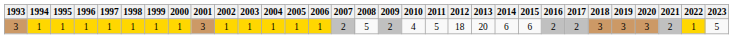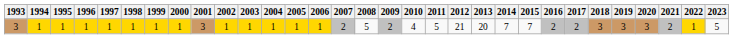 <table class="wikitable" style="margin:0.5em ; font-size:70%">
 <tr>
 <th>1993</th>
 <th>1994</th>
 <th>1995</th>
 <th>1996</th>
 <th>1997</th>
 <th>1998</th>
 <th>1999</th>
 <th>2000</th>
 <th>2001</th>
 <th>2002</th>
 <th>2003</th>
 <th>2004</th>
 <th>2005</th>
 <th>2006</th>
 <th>2007</th>
 <th>2008</th>
 <th>2009</th>
 <th>2010</th>
 <th>2011</th>
 <th>2012</th>
 <th>2013</th>
 <th>2014</th>
 <th>2015</th>
 <th>2016</th>
 <th>2017</th>
 <th>2018</th>
 <th>2019</th>
 <th>2020</th>
 <th>2021</th>
 <th>2022</th>
 <th>2023</th>
 </tr>
 <tr>
 <td align=center style="background:#c96;">3</td>
 <td align=center style="background:gold;">1</td>
 <td align=center style="background:gold;">1</td>
 <td align=center style="background:gold;">1</td>
 <td align=center style="background:gold;">1</td>
 <td align=center style="background:gold;">1</td>
 <td align=center style="background:gold;">1</td>
 <td align=center style="background:gold;">1</td>
 <td align=center style="background:#c96;">3</td>
 <td align=center style="background:gold;">1</td>
 <td align=center style="background:gold;">1</td>
 <td align=center style="background:gold;">1</td>
 <td align=center style="background:gold;">1</td>
 <td align=center style="background:gold;">1</td>
 <td align=center style="background:silver;">2</td>
 <td align=center>5</td>
 <td align=center style="background:silver;">2</td>
 <td align=center>4</td>
 <td align=center>5</td>
-<td align=center>18</td>
+<td align=center>21</td>
 <td align=center>20</td>
-<td align=center>6</td>
-<td align=center>6</td>
+<td align=center>7</td>
+<td align=center>7</td>
 <td align=center style="background:silver;">2</td>
 <td align=center style="background:silver;">2</td>
 <td align=center style="background:#c96;">3</td>
 <td align=center style="background:#c96;">3</td>
 <td align=center style="background:#c96;">3</td>
 <td align=center style="background:silver;">2</td>
 <td align=center style="background:gold;">1</td>
 <td align=center>5</td>
 </tr>
 </table>
